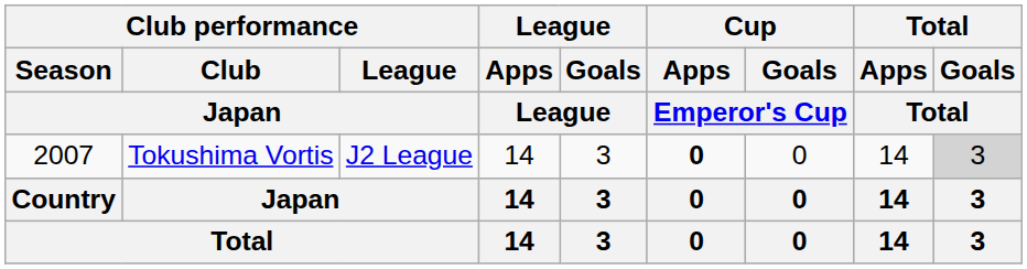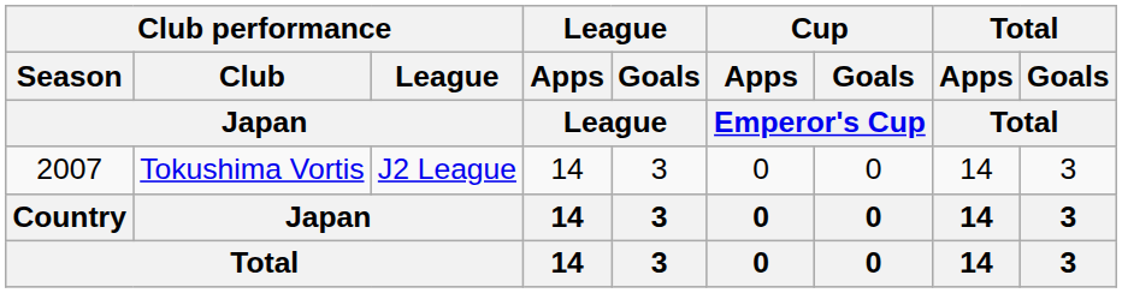 <table class="wikitable" style="text-align:center;">
 <tr>
 <th colspan=3>Club performance</th>
 <th colspan=2>League</th>
 <th colspan=2>Cup</th>
 <th colspan=2>Total</th>
 </tr>
 <tr>
 <th>Season</th>
 <th>Club</th>
 <th>League</th>
 <th>Apps</th>
 <th>Goals</th>
 <th>Apps</th>
 <th>Goals</th>
 <th>Apps</th>
 <th>Goals</th>
 </tr>
 <tr>
 <th colspan=3>Japan</th>
 <th colspan=2>League</th>
 <th colspan=2><a href='#'>Emperor's Cup</a></th>
 <th colspan=2>Total</th>
 </tr>
 <tr>
 <td>2007</td>
 <td><a href='#'>Tokushima Vortis</a></td>
 <td><a href='#'>J2 League</a></td>
 <td>14</td>
 <td>3</td>
-<td><strong>0</strong></td>
+<td>0</td>
 <td>0</td>
 <td>14</td>
-<td style="background: lightgrey;">3</td>
+<td>3</td>
 </tr>
 <tr>
 <th rowspan=1>Country</th>
 <th colspan=2>Japan</th>
 <th>14</th>
 <th>3</th>
 <th>0</th>
 <th>0</th>
 <th>14</th>
 <th>3</th>
 </tr>
 <tr>
 <th colspan=3>Total</th>
 <th>14</th>
 <th>3</th>
 <th>0</th>
 <th>0</th>
 <th>14</th>
 <th>3</th>
 </tr>
 </table>
